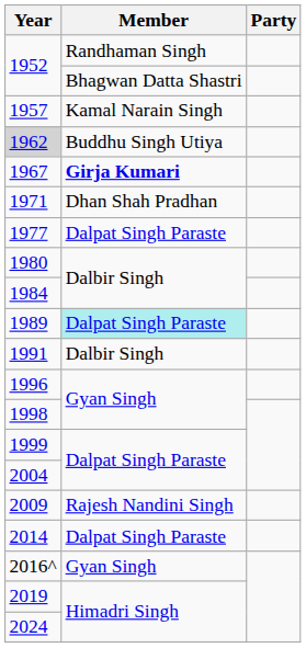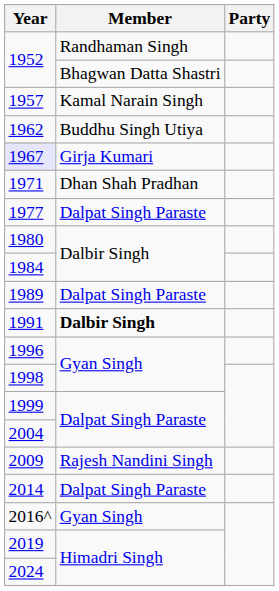 <table class="wikitable sortable">
 <tr>
 <th>Year</th>
 <th>Member</th>
 <th colspan="2">Party</th>
 </tr>
 <tr>
 <td rowspan="2"><a href='#'>1952</a></td>
 <td>Randhaman Singh</td>
 <td></td>
 </tr>
 <tr>
 <td>Bhagwan Datta Shastri</td>
 <td></td>
 </tr>
 <tr>
 <td><a href='#'>1957</a></td>
 <td>Kamal Narain Singh</td>
 <td></td>
 </tr>
 <tr>
-<td style="background: lightgrey;"><a href='#'>1962</a></td>
+<td><a href='#'>1962</a></td>
 <td>Buddhu Singh Utiya</td>
 <td></td>
 </tr>
 <tr>
-<td><a href='#'>1967</a></td>
-<td><strong><a href='#'>Girja Kumari</a></strong></td>
+<td style="background: lavender;"><a href='#'>1967</a></td>
+<td><a href='#'>Girja Kumari</a></td>
 <td></td>
 </tr>
 <tr>
 <td><a href='#'>1971</a></td>
 <td>Dhan Shah Pradhan</td>
 <td></td>
 </tr>
 <tr>
 <td><a href='#'>1977</a></td>
 <td><a href='#'>Dalpat Singh Paraste</a></td>
 <td></td>
 </tr>
 <tr>
 <td><a href='#'>1980</a></td>
 <td rowspan="2">Dalbir Singh</td>
 <td></td>
 </tr>
 <tr>
 <td><a href='#'>1984</a></td>
 <td></td>
 </tr>
 <tr>
 <td><a href='#'>1989</a></td>
-<td style="background: paleturquoise;"><a href='#'>Dalpat Singh Paraste</a></td>
+<td><a href='#'>Dalpat Singh Paraste</a></td>
 <td></td>
 </tr>
 <tr>
 <td><a href='#'>1991</a></td>
-<td>Dalbir Singh</td>
+<td><strong>Dalbir Singh</strong></td>
 <td></td>
 </tr>
 <tr>
 <td><a href='#'>1996</a></td>
 <td rowspan="2"><a href='#'>Gyan Singh</a></td>
 <td></td>
 </tr>
 <tr>
 <td><a href='#'>1998</a></td>
 </tr>
 <tr>
 <td><a href='#'>1999</a></td>
 <td rowspan="2"><a href='#'>Dalpat Singh Paraste</a></td>
 </tr>
 <tr>
 <td><a href='#'>2004</a></td>
 </tr>
 <tr>
 <td><a href='#'>2009</a></td>
 <td><a href='#'>Rajesh Nandini Singh</a></td>
 <td></td>
 </tr>
 <tr>
 <td><a href='#'>2014</a></td>
 <td><a href='#'>Dalpat Singh Paraste</a></td>
 <td></td>
 </tr>
 <tr>
 <td>2016^</td>
 <td><a href='#'>Gyan Singh</a></td>
 </tr>
 <tr>
 <td><a href='#'>2019</a></td>
 <td rowspan=2><a href='#'>Himadri Singh</a></td>
 </tr>
 <tr>
 <td><a href='#'>2024</a></td>
 </tr>
 <tr>
 </tr>
 </table>
